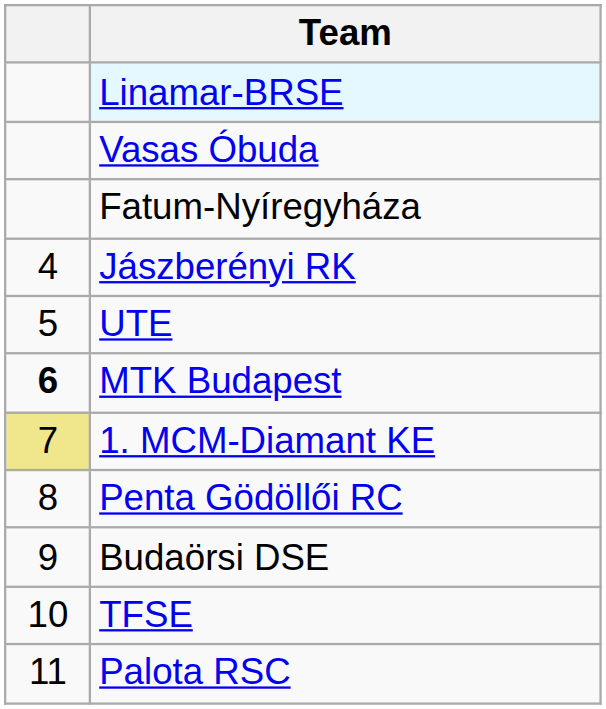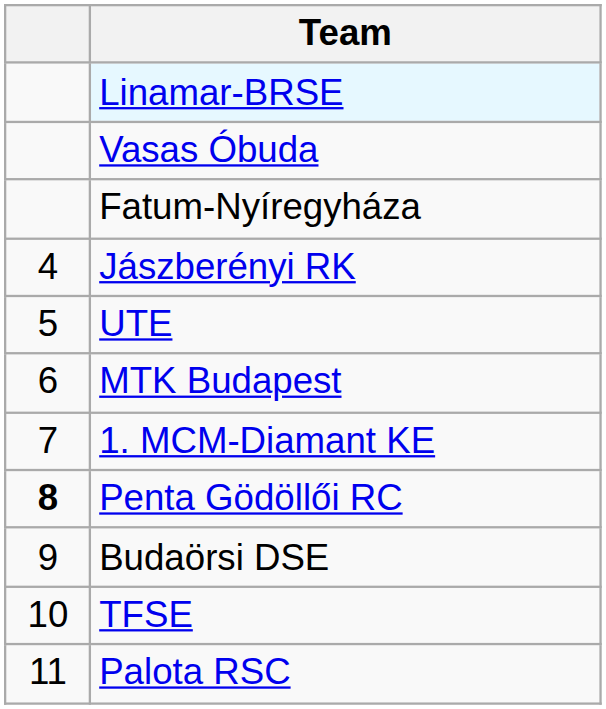 <table class="wikitable" style="text-align: center;">
 <tr>
 <th width=30></th>
 <th width=215>Team</th>
 </tr>
 <tr>
 <td></td>
 <td align=left bgcolor=#e6f8ff><a href='#'>Linamar-BRSE</a></td>
 </tr>
 <tr>
 <td></td>
 <td align=left><a href='#'>Vasas Óbuda</a></td>
 </tr>
 <tr>
 <td></td>
 <td align=left>Fatum-Nyíregyháza</td>
 </tr>
 <tr>
 <td>4</td>
 <td align=left><a href='#'>Jászberényi RK</a></td>
 </tr>
 <tr>
 <td>5</td>
 <td align=left><a href='#'>UTE</a></td>
 </tr>
 <tr>
-<td><strong>6</strong></td>
+<td>6</td>
 <td align=left><a href='#'>MTK Budapest</a></td>
 </tr>
 <tr>
-<td style="background: khaki;">7</td>
+<td>7</td>
 <td align=left><a href='#'>1. MCM-Diamant KE</a></td>
 </tr>
 <tr>
-<td>8</td>
+<td><strong>8</strong></td>
 <td align=left><a href='#'>Penta Gödöllői RC</a></td>
 </tr>
 <tr>
 <td>9</td>
 <td align=left>Budaörsi DSE</td>
 </tr>
 <tr>
 <td>10</td>
 <td align=left><a href='#'>TFSE</a></td>
 </tr>
 <tr>
 <td>11</td>
 <td align=left><a href='#'>Palota RSC</a></td>
 </tr>
 </table>
